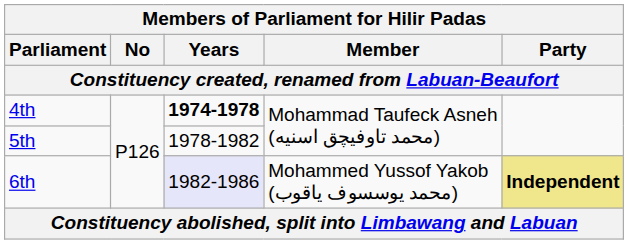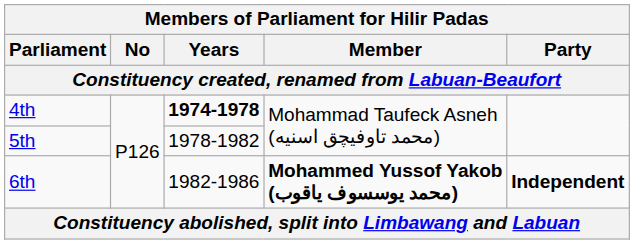 <table class=wikitable>
 <tr>
 <th colspan="5">Members of Parliament for Hilir Padas</th>
 </tr>
 <tr>
 <th>Parliament</th>
 <th>No</th>
 <th>Years</th>
 <th>Member</th>
 <th>Party</th>
 </tr>
 <tr>
 <th colspan="5" align="center"><em>Constituency created, renamed from <a href='#'>Labuan-Beaufort</a></em></th>
 </tr>
 <tr>
 <td><a href='#'>4th</a></td>
 <td rowspan="3">P126</td>
 <td><strong>1974-1978</strong></td>
 <td rowspan=2>Mohammad Taufeck Asneh  <br>(محمد تاوفيچق اسنيه)</td>
 <td rowspan=2></td>
 </tr>
 <tr>
 <td><a href='#'>5th</a></td>
 <td>1978-1982</td>
 </tr>
 <tr>
 <td><a href='#'>6th</a></td>
-<td style="background: lavender;">1982-1986</td>
-<td>Mohammed Yussof Yakob  <br>(محمد يوسسوف ياقوب)</td>
-<td style="background: khaki;"><strong>Independent</strong></td>
+<td>1982-1986</td>
+<td><strong>Mohammed Yussof Yakob  <br>(محمد يوسسوف ياقوب)</strong></td>
+<td><strong>Independent</strong></td>
 </tr>
 <tr>
 <th colspan="5" align="center"><em>Constituency abolished, split into <a href='#'>Limbawang</a> and <a href='#'>Labuan</a></em></th>
 </tr>
 </table>
